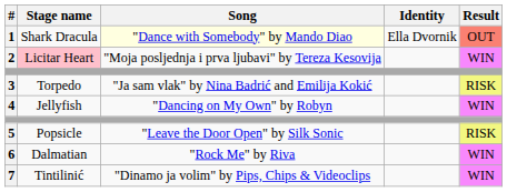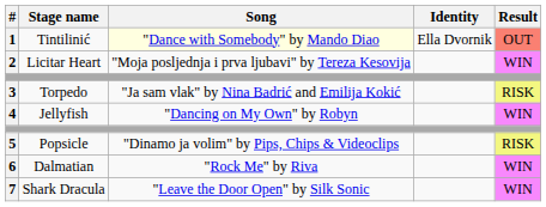 <table class="wikitable plainrowheaders" style="text-align: center;">
 <tr>
 <th>#</th>
 <th>Stage name</th>
 <th>Song</th>
 <th>Identity</th>
 <th>Result</th>
 </tr>
 <tr>
 <th>1</th>
-<td>Shark Dracula</td>
+<td>Tintilinić</td>
 <td style="background: lightyellow;">"<a href='#'>Dance with Somebody</a>" by <a href='#'>Mando Diao</a></td>
 <td>Ella Dvornik</td>
 <td bgcolor="salmon">OUT</td>
 </tr>
 <tr>
 <th>2</th>
-<td style="background: pink;">Licitar Heart</td>
+<td>Licitar Heart</td>
 <td>"Moja posljednja i prva ljubavi" by <a href='#'>Tereza Kesovija</a></td>
 <td></td>
 <td bgcolor="F888FD">WIN</td>
 </tr>
 <tr>
 <th colspan="5" style="background:darkgrey"></th>
 </tr>
 <tr>
 <th>3</th>
 <td>Torpedo</td>
 <td>"Ja sam vlak" by <a href='#'>Nina Badrić</a> and <a href='#'>Emilija Kokić</a></td>
 <td></td>
 <td bgcolor="F3F781">RISK</td>
 </tr>
 <tr>
 <th>4</th>
 <td>Jellyfish</td>
 <td>"<a href='#'>Dancing on My Own</a>" by <a href='#'>Robyn</a></td>
 <td></td>
 <td bgcolor="F888FD">WIN</td>
 </tr>
 <tr>
 <th colspan="5" style="background:darkgrey"></th>
 </tr>
 <tr>
 <th>5</th>
 <td>Popsicle</td>
-<td>"<a href='#'>Leave the Door Open</a>" by <a href='#'>Silk Sonic</a></td>
+<td>"Dinamo ja volim" by <a href='#'>Pips, Chips & Videoclips</a></td>
 <td></td>
 <td bgcolor="F3F781">RISK</td>
 </tr>
 <tr>
 <th>6</th>
 <td>Dalmatian</td>
 <td>"<a href='#'>Rock Me</a>" by <a href='#'>Riva</a></td>
 <td></td>
 <td bgcolor="F888FD">WIN</td>
 </tr>
 <tr>
 <th>7</th>
-<td>Tintilinić</td>
-<td>"Dinamo ja volim" by <a href='#'>Pips, Chips & Videoclips</a></td>
+<td>Shark Dracula</td>
+<td>"<a href='#'>Leave the Door Open</a>" by <a href='#'>Silk Sonic</a></td>
 <td></td>
 <td bgcolor="F888FD">WIN</td>
 </tr>
 </table>
